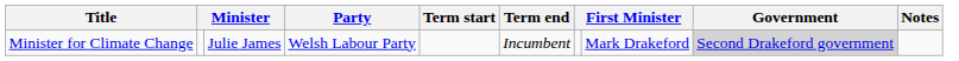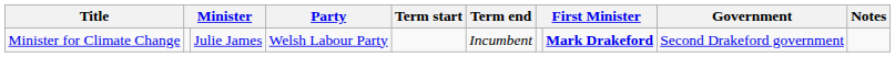 <table class="wikitable sortable">
 <tr>
 <th>Title</th>
 <th colspan="2"><a href='#'>Minister</a></th>
 <th><a href='#'>Party</a></th>
 <th>Term start</th>
 <th>Term end</th>
 <th colspan="2"><a href='#'>First Minister</a></th>
 <th>Government</th>
 <th class="unsortable">Notes</th>
 </tr>
 <tr>
 <td><a href='#'>Minister for Climate Change</a></td>
 <td style="color:inherit;background:"></td>
 <td><a href='#'>Julie James</a></td>
 <td><a href='#'>Welsh Labour Party</a></td>
 <td></td>
 <td><em>Incumbent</em></td>
 <td style="color:inherit;background:"></td>
-<td><a href='#'>Mark Drakeford</a></td>
-<td style="background: lightgrey;"><a href='#'>Second Drakeford government</a></td>
+<td><strong><a href='#'>Mark Drakeford</a></strong></td>
+<td><a href='#'>Second Drakeford government</a></td>
 <td></td>
 </tr>
 </table>
